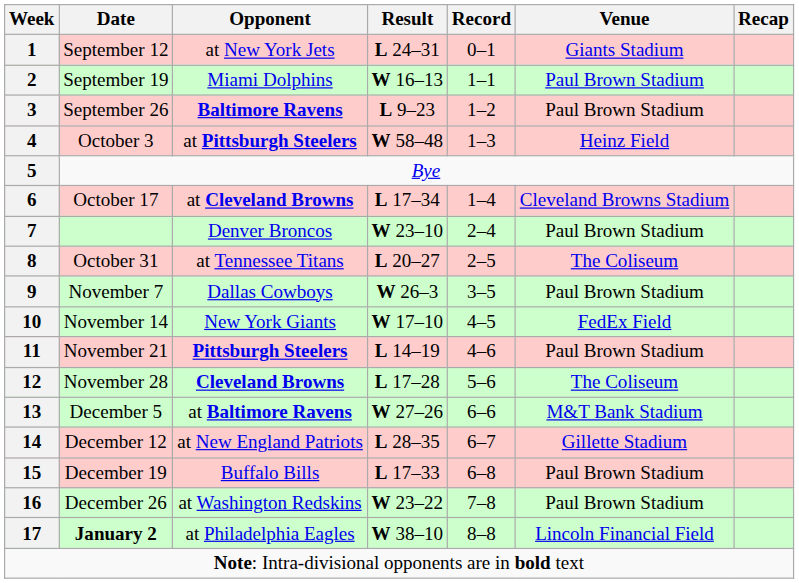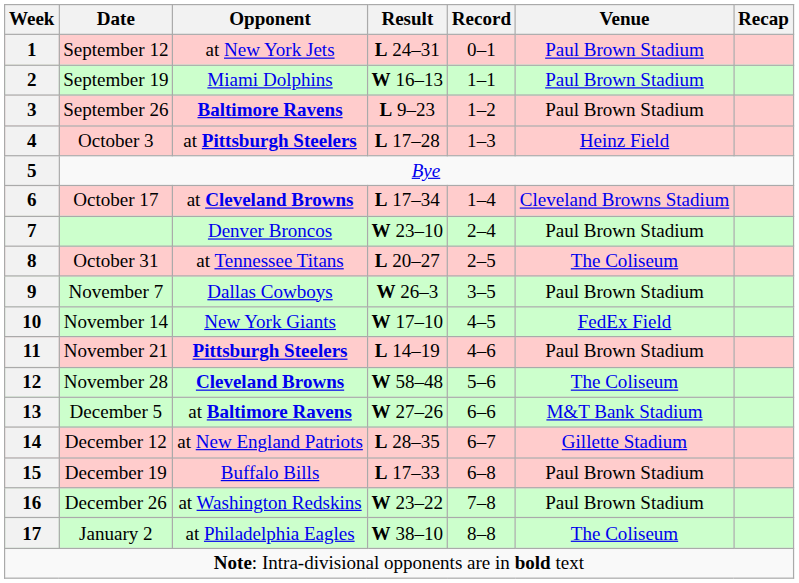 <table class="wikitable" style="text-align:center">
 <tr>
 <th>Week</th>
 <th>Date</th>
 <th>Opponent</th>
 <th>Result</th>
 <th>Record</th>
 <th>Venue</th>
 <th>Recap</th>
 </tr>
 <tr style="background: #fcc;">
 <th>1</th>
 <td>September 12</td>
 <td>at <a href='#'>New York Jets</a></td>
 <td><strong>L</strong> 24–31</td>
 <td>0–1</td>
-<td><a href='#'>Giants Stadium</a></td>
+<td><a href='#'>Paul Brown Stadium</a></td>
 <td></td>
 </tr>
 <tr style="background: #cfc;">
 <th>2</th>
 <td>September 19</td>
 <td><a href='#'>Miami Dolphins</a></td>
 <td><strong>W</strong> 16–13</td>
 <td>1–1</td>
 <td><a href='#'>Paul Brown Stadium</a></td>
 <td></td>
 </tr>
 <tr style="background: #fcc;">
 <th>3</th>
 <td>September 26</td>
 <td><strong><a href='#'>Baltimore Ravens</a></strong></td>
 <td><strong>L</strong>  9–23</td>
 <td>1–2</td>
 <td>Paul Brown Stadium</td>
 <td></td>
 </tr>
 <tr style="background: #fcc;">
 <th>4</th>
 <td>October 3</td>
 <td>at <strong><a href='#'>Pittsburgh Steelers</a></strong></td>
-<td><strong>W</strong> 58–48</td>
+<td><strong>L</strong> 17–28</td>
 <td>1–3</td>
 <td><a href='#'>Heinz Field</a></td>
 <td></td>
 </tr>
 <tr>
 <th>5</th>
 <td colspan=6 align="center"><em><a href='#'>Bye</a></em></td>
 </tr>
 <tr style="background: #fcc;">
 <th>6</th>
 <td>October 17</td>
 <td>at <strong><a href='#'>Cleveland Browns</a></strong></td>
 <td><strong>L</strong> 17–34</td>
 <td>1–4</td>
 <td><a href='#'>Cleveland Browns Stadium</a></td>
 <td></td>
 </tr>
 <tr style="background: #cfc;">
 <th>7</th>
 <td></td>
 <td><a href='#'>Denver Broncos</a></td>
 <td><strong>W</strong> 23–10</td>
 <td>2–4</td>
 <td>Paul Brown Stadium</td>
 <td></td>
 </tr>
 <tr style="background: #fcc;">
 <th>8</th>
 <td>October 31</td>
 <td>at <a href='#'>Tennessee Titans</a></td>
 <td><strong>L</strong> 20–27</td>
 <td>2–5</td>
 <td><a href='#'>The Coliseum</a></td>
 <td></td>
 </tr>
 <tr style="background: #cfc;">
 <th>9</th>
 <td>November 7</td>
 <td><a href='#'>Dallas Cowboys</a></td>
 <td><strong>W</strong> 26–3</td>
 <td>3–5</td>
 <td>Paul Brown Stadium</td>
 <td></td>
 </tr>
 <tr style="background: #cfc;">
 <th>10</th>
 <td>November 14</td>
 <td><a href='#'>New York Giants</a></td>
 <td><strong>W</strong> 17–10</td>
 <td>4–5</td>
 <td><a href='#'>FedEx Field</a></td>
 <td></td>
 </tr>
 <tr style="background: #fcc;">
 <th>11</th>
 <td>November 21</td>
 <td><strong><a href='#'>Pittsburgh Steelers</a></strong></td>
 <td><strong>L</strong> 14–19</td>
 <td>4–6</td>
 <td>Paul Brown Stadium</td>
 <td></td>
 </tr>
 <tr style="background: #cfc;">
 <th>12</th>
 <td>November 28</td>
 <td><strong><a href='#'>Cleveland Browns</a></strong></td>
-<td><strong>L</strong> 17–28</td>
+<td><strong>W</strong> 58–48</td>
 <td>5–6</td>
 <td><a href='#'>The Coliseum</a></td>
 <td></td>
 </tr>
 <tr style="background: #cfc;">
 <th>13</th>
 <td>December 5</td>
 <td>at <strong><a href='#'>Baltimore Ravens</a></strong></td>
 <td><strong>W</strong> 27–26</td>
 <td>6–6</td>
 <td><a href='#'>M&T Bank Stadium</a></td>
 <td></td>
 </tr>
 <tr style="background: #fcc;">
 <th>14</th>
 <td>December 12</td>
 <td>at <a href='#'>New England Patriots</a></td>
 <td><strong>L</strong> 28–35</td>
 <td>6–7</td>
 <td><a href='#'>Gillette Stadium</a></td>
 <td></td>
 </tr>
 <tr style="background: #fcc;">
 <th>15</th>
 <td>December 19</td>
 <td><a href='#'>Buffalo Bills</a></td>
 <td><strong>L</strong> 17–33</td>
 <td>6–8</td>
 <td>Paul Brown Stadium</td>
 <td></td>
 </tr>
 <tr style="background: #cfc;">
 <th>16</th>
 <td>December 26</td>
 <td>at <a href='#'>Washington Redskins</a></td>
 <td><strong>W</strong> 23–22</td>
 <td>7–8</td>
 <td>Paul Brown Stadium</td>
 <td></td>
 </tr>
 <tr style="background: #cfc;">
 <th>17</th>
-<td><strong>January 2</strong></td>
+<td>January 2</td>
 <td>at <a href='#'>Philadelphia Eagles</a></td>
 <td><strong>W</strong> 38–10</td>
 <td>8–8</td>
-<td><a href='#'>Lincoln Financial Field</a></td>
+<td><a href='#'>The Coliseum</a></td>
 <td></td>
 </tr>
 <tr>
 <td colspan="7"><strong>Note</strong>: Intra-divisional opponents are in <strong>bold</strong> text</td>
 </tr>
 </table>
